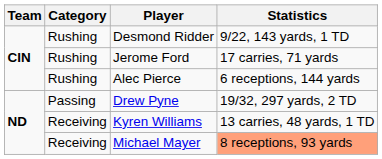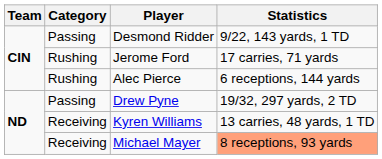 <table class="wikitable" style="float: left;">
 <tr>
 <th>Team</th>
 <th>Category</th>
 <th>Player</th>
 <th>Statistics</th>
 </tr>
 <tr>
 <td rowspan=3><strong>CIN</strong></td>
-<td>Rushing</td>
+<td>Passing</td>
 <td>Desmond Ridder</td>
 <td>9/22, 143 yards, 1 TD</td>
 </tr>
 <tr>
 <td>Rushing</td>
 <td>Jerome Ford</td>
 <td>17 carries, 71 yards</td>
 </tr>
 <tr>
 <td>Rushing</td>
 <td>Alec Pierce</td>
 <td>6 receptions, 144 yards</td>
 </tr>
 <tr>
 <td rowspan=3><strong>ND</strong></td>
 <td>Passing</td>
 <td><a href='#'>Drew Pyne</a></td>
 <td>19/32, 297 yards, 2 TD</td>
 </tr>
 <tr>
 <td>Receiving</td>
 <td><a href='#'>Kyren Williams</a></td>
 <td>13 carries, 48 yards, 1 TD</td>
 </tr>
 <tr>
 <td>Receiving</td>
 <td><a href='#'>Michael Mayer</a></td>
 <td style="background: lightsalmon;">8 receptions, 93 yards</td>
 </tr>
 </table>
